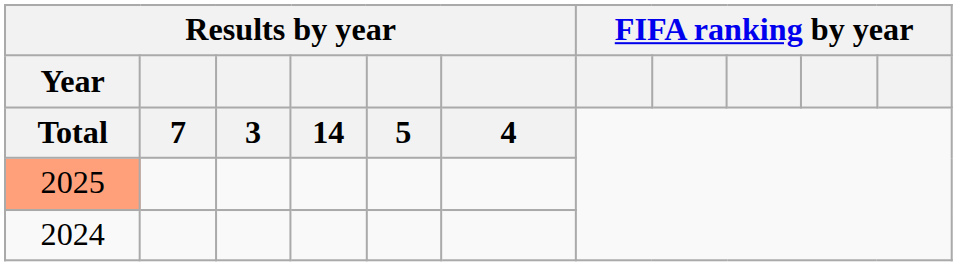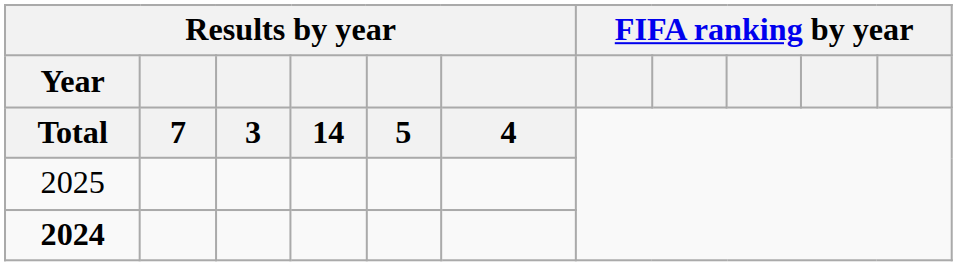 <table class="wikitable sortable sticky-table-head sort-under" style="text-align:center;">
 <tr>
 <th colspan="6">Results by year</th>
 <th colspan="5"><a href='#'>FIFA ranking</a> by year</th>
 </tr>
 <tr>
 <th width="60">Year</th>
 <th width="30"></th>
 <th width="30"></th>
 <th width="30"></th>
 <th width="30"></th>
 <th width="60"></th>
 <th width="30"></th>
 <th width="30"></th>
 <th width="30"></th>
 <th width="30"></th>
 <th width="30"></th>
 </tr>
 <tr class="sorttop">
 <th>Total<br></th>
 <th>7</th>
 <th>3</th>
 <th>14</th>
 <th> 5</th>
 <th> 4</th>
 </tr>
 <tr>
-<td style="background: lightsalmon;">2025<br></td>
+<td>2025<br></td>
 <td></td>
 <td></td>
 <td></td>
 <td></td>
 <td></td>
 </tr>
 <tr>
-<td>2024<br></td>
+<td><strong>2024<br></strong></td>
 <td></td>
 <td></td>
 <td></td>
 <td></td>
 <td></td>
 </tr>
 </table>
